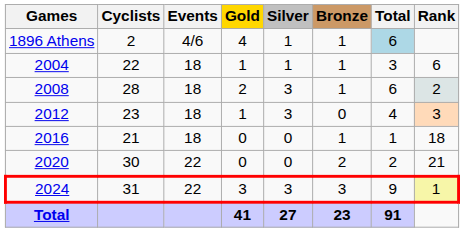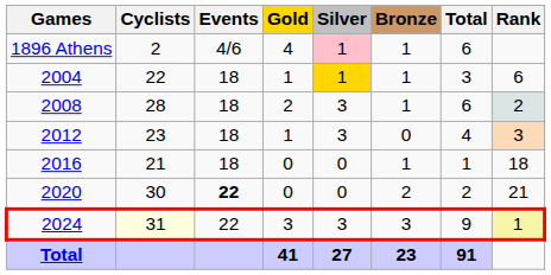 <table class="wikitable sortable" style="text-align:center">
 <tr>
 <th>Games</th>
 <th>Cyclists</th>
 <th>Events</th>
 <th style="background-color:gold;">Gold</th>
 <th style="background-color:silver;">Silver</th>
 <th style="background-color:#c96;">Bronze</th>
 <th>Total</th>
 <th>Rank</th>
 </tr>
 <tr>
 <td><a href='#'>1896 Athens</a></td>
 <td>2</td>
 <td>4/6</td>
 <td>4</td>
+<td style="background: pink;">1</td>
 <td>1</td>
-<td>1</td>
-<td style="background: lightblue;">6</td>
+<td>6</td>
 </tr>
 <tr style="text-align:center">
 <td><a href='#'>2004</a></td>
 <td>22</td>
 <td>18</td>
 <td>1</td>
-<td>1</td>
+<td style="background: gold;">1</td>
 <td>1</td>
 <td>3</td>
 <td>6</td>
 </tr>
 <tr style="text-align:center">
 <td><a href='#'>2008</a></td>
 <td>28</td>
 <td>18</td>
 <td>2</td>
 <td>3</td>
 <td>1</td>
 <td>6</td>
 <td style="background-color:#dce5e5">2</td>
 </tr>
 <tr style="text-align:center">
 <td><a href='#'>2012</a></td>
 <td>23</td>
 <td>18</td>
 <td>1</td>
 <td>3</td>
 <td>0</td>
 <td>4</td>
 <td style="background-color:#ffdab9">3</td>
 </tr>
 <tr style="text-align:center">
 <td><a href='#'>2016</a></td>
 <td>21</td>
 <td>18</td>
 <td>0</td>
 <td>0</td>
 <td>1</td>
 <td>1</td>
 <td>18</td>
 </tr>
 <tr style="text-align:center">
 <td><a href='#'>2020</a></td>
 <td>30</td>
-<td>22</td>
+<td><strong>22</strong></td>
 <td>0</td>
 <td>0</td>
 <td>2</td>
 <td>2</td>
 <td>21</td>
 </tr>
 <tr style="text-align:center; border: 3px solid red">
 <td><a href='#'>2024</a></td>
-<td>31</td>
+<td style="background: lightyellow;">31</td>
 <td>22</td>
 <td>3</td>
 <td>3</td>
 <td>3</td>
 <td>9</td>
 <td style="background-color:#F7F6A8">1</td>
 </tr>
 <tr style="text-align:center; background-color:#ccf;">
 <td><strong><a href='#'>Total</a></strong></td>
 <td></td>
 <td></td>
 <td><strong>41</strong></td>
 <td><strong>27</strong></td>
 <td><strong>23</strong></td>
 <td><strong>91</strong></td>
 </tr>
 </table>
